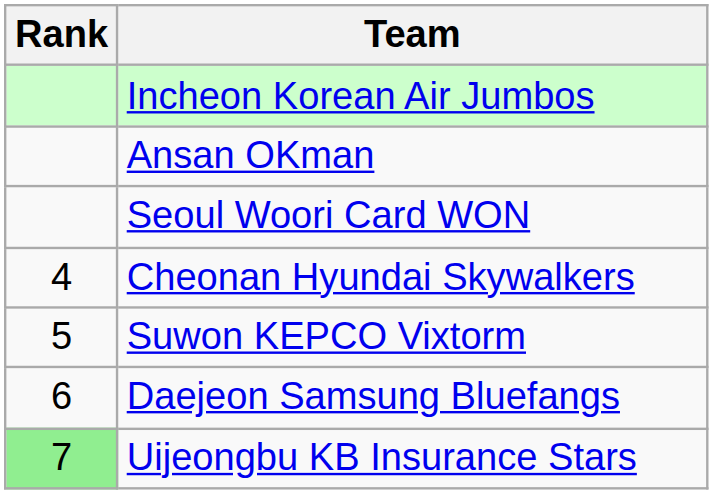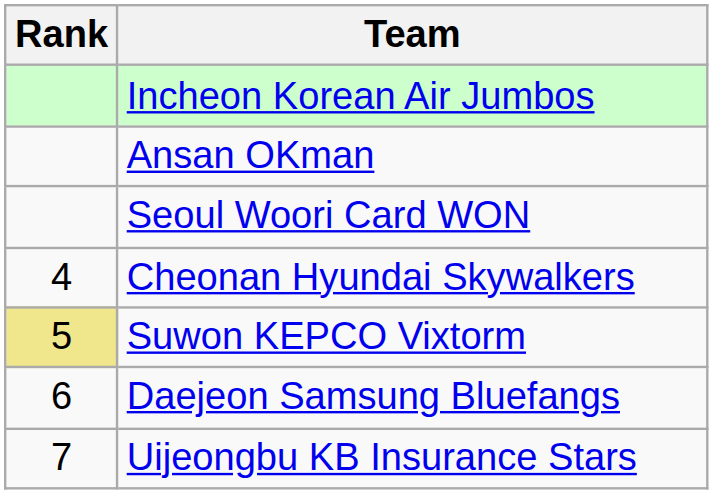 <table class="wikitable" style="text-align: center;">
 <tr>
 <th width=40>Rank</th>
 <th width=240>Team</th>
 </tr>
 <tr bgcolor=#ccffcc>
 <td></td>
 <td align=left><a href='#'>Incheon Korean Air Jumbos</a></td>
 </tr>
 <tr>
 <td></td>
 <td align=left><a href='#'>Ansan OKman</a></td>
 </tr>
 <tr>
 <td></td>
 <td align=left><a href='#'>Seoul Woori Card WON</a></td>
 </tr>
 <tr>
 <td>4</td>
 <td align=left><a href='#'>Cheonan Hyundai Skywalkers</a></td>
 </tr>
 <tr>
-<td>5</td>
+<td style="background: khaki;">5</td>
 <td align=left><a href='#'>Suwon KEPCO Vixtorm</a></td>
 </tr>
 <tr>
 <td>6</td>
 <td align=left><a href='#'>Daejeon Samsung Bluefangs</a></td>
 </tr>
 <tr>
-<td style="background: lightgreen;">7</td>
+<td>7</td>
 <td align=left><a href='#'>Uijeongbu KB Insurance Stars</a></td>
 </tr>
 </table>
